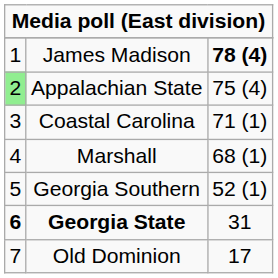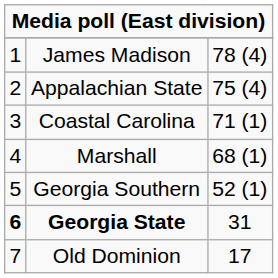 <table class="wikitable" style="display: inline-table;">
 <tr>
 <td align="center" Colspan="3"><strong>Media poll (East division)</strong></td>
 </tr>
 <tr align="center">
 </tr>
 <tr align="center">
 <td>1</td>
 <td>James Madison</td>
-<td><strong>78 (4)</strong></td>
+<td>78 (4)</td>
 </tr>
 <tr align="center">
-<td style="background: lightgreen;">2</td>
+<td>2</td>
 <td>Appalachian State</td>
 <td>75 (4)</td>
 </tr>
 <tr align="center">
 <td>3</td>
 <td>Coastal Carolina</td>
 <td>71 (1)</td>
 </tr>
 <tr align="center">
 <td>4</td>
 <td>Marshall</td>
 <td>68 (1)</td>
 </tr>
 <tr align="center">
 <td>5</td>
 <td>Georgia Southern</td>
 <td>52 (1)</td>
 </tr>
 <tr align="center">
 <td><strong>6</strong></td>
 <td><strong>Georgia State</strong></td>
 <td>31</td>
 </tr>
 <tr align="center">
 <td>7</td>
 <td>Old Dominion</td>
 <td>17</td>
 </tr>
 </table>
